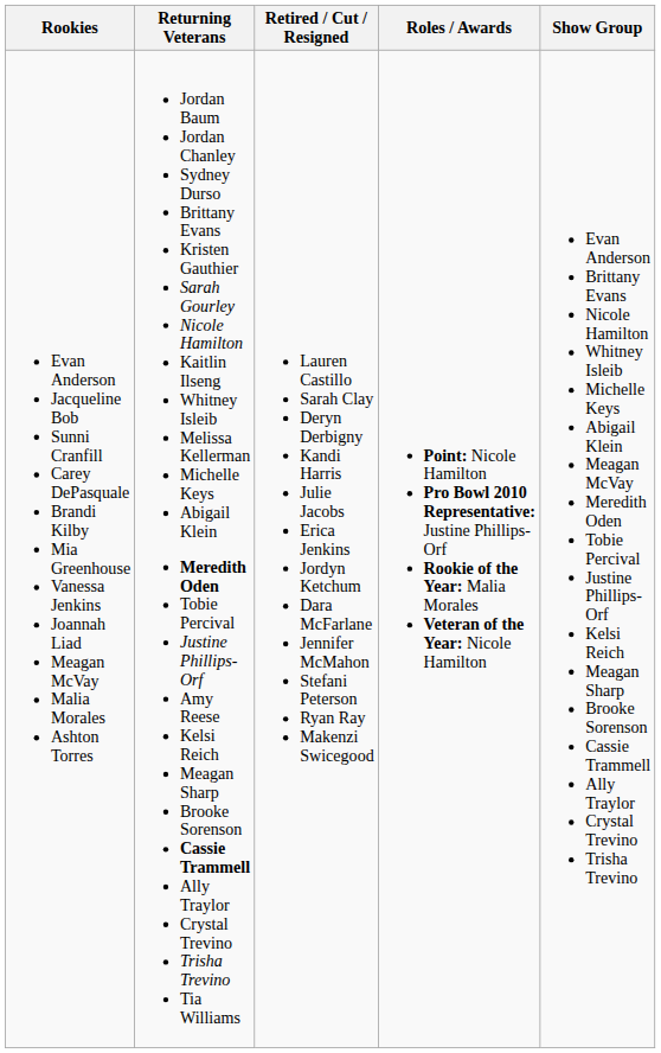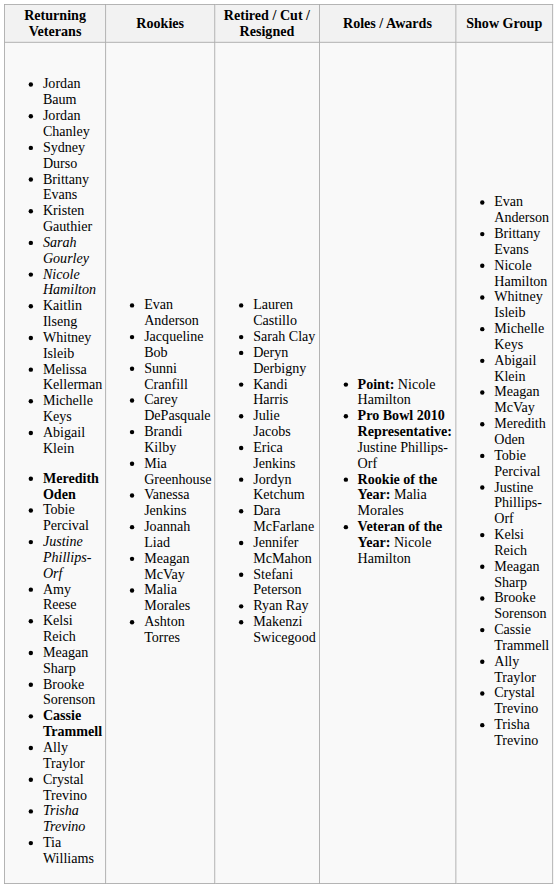 <table class="wikitable" style="width:100%;">
 <tr>
+<th>Returning Veterans</th>
 <th>Rookies</th>
-<th>Returning Veterans</th>
 <th>Retired / Cut / Resigned</th>
 <th>Roles / Awards</th>
 <th>Show Group</th>
 </tr>
 <tr>
+<td><br><ul><li>Jordan Baum</li><li>Jordan Chanley</li><li>Sydney Durso</li><li>Brittany Evans</li><li>Kristen Gauthier</li><li><em>Sarah Gourley</em></li><li><em>Nicole Hamilton</em></li><li>Kaitlin Ilseng</li><li>Whitney Isleib</li><li>Melissa Kellerman</li><li>Michelle Keys</li><li>Abigail Klein</li></ul><ul><li><strong>Meredith Oden</strong></li><li>Tobie Percival</li><li><em>Justine Phillips-Orf</em></li><li>Amy Reese</li><li>Kelsi Reich</li><li>Meagan Sharp</li><li>Brooke Sorenson</li><li><strong>Cassie Trammell</strong></li><li>Ally Traylor</li><li>Crystal Trevino</li><li><em>Trisha Trevino</em></li><li>Tia Williams</li></ul></td>
 <td><br><ul><li>Evan Anderson</li><li>Jacqueline Bob</li><li>Sunni Cranfill</li><li>Carey DePasquale</li><li>Brandi Kilby</li><li>Mia Greenhouse</li><li>Vanessa Jenkins</li><li>Joannah Liad</li><li>Meagan McVay</li><li>Malia Morales</li><li>Ashton Torres</li></ul></td>
-<td><br><ul><li>Jordan Baum</li><li>Jordan Chanley</li><li>Sydney Durso</li><li>Brittany Evans</li><li>Kristen Gauthier</li><li><em>Sarah Gourley</em></li><li><em>Nicole Hamilton</em></li><li>Kaitlin Ilseng</li><li>Whitney Isleib</li><li>Melissa Kellerman</li><li>Michelle Keys</li><li>Abigail Klein</li></ul><ul><li><strong>Meredith Oden</strong></li><li>Tobie Percival</li><li><em>Justine Phillips-Orf</em></li><li>Amy Reese</li><li>Kelsi Reich</li><li>Meagan Sharp</li><li>Brooke Sorenson</li><li><strong>Cassie Trammell</strong></li><li>Ally Traylor</li><li>Crystal Trevino</li><li><em>Trisha Trevino</em></li><li>Tia Williams</li></ul></td>
 <td><br><ul><li>Lauren Castillo </li><li>Sarah Clay </li><li>Deryn Derbigny </li><li>Kandi Harris </li><li>Julie Jacobs </li><li>Erica Jenkins </li><li>Jordyn Ketchum </li><li>Dara McFarlane </li><li>Jennifer McMahon </li><li>Stefani Peterson </li><li>Ryan Ray </li><li>Makenzi Swicegood </li></ul></td>
 <td><br><ul><li><strong>Point:</strong> Nicole Hamilton</li><li><strong>Pro Bowl 2010 Representative:</strong> Justine Phillips-Orf</li><li><strong>Rookie of the Year:</strong> Malia Morales</li><li><strong>Veteran of the Year:</strong> Nicole Hamilton</li></ul></td>
 <td><br><ul><li>Evan Anderson</li><li>Brittany Evans</li><li>Nicole Hamilton</li><li>Whitney Isleib</li><li>Michelle Keys</li><li>Abigail Klein</li><li>Meagan McVay</li><li>Meredith Oden</li><li>Tobie Percival</li><li>Justine Phillips-Orf</li><li>Kelsi Reich</li><li>Meagan Sharp</li><li>Brooke Sorenson</li><li>Cassie Trammell</li><li>Ally Traylor</li><li>Crystal Trevino</li><li>Trisha Trevino</li></ul></td>
 </tr>
 </table>
